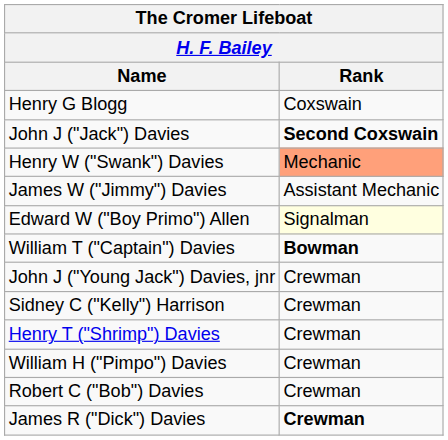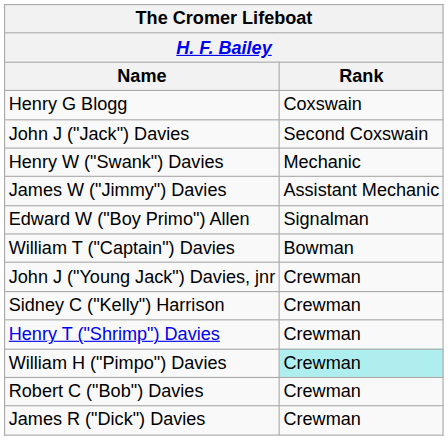 <table class="wikitable">
 <tr>
 <th colspan="3">The Cromer Lifeboat</th>
 </tr>
 <tr>
 <th colspan="3"><a href='#'><em>H. F. Bailey</em></a></th>
 </tr>
 <tr>
 <th>Name</th>
 <th>Rank</th>
 </tr>
 <tr>
 <td>Henry G Blogg</td>
 <td>Coxswain</td>
 </tr>
 <tr>
 <td>John J ("Jack") Davies</td>
-<td><strong>Second Coxswain</strong></td>
+<td>Second Coxswain</td>
 </tr>
 <tr>
 <td>Henry W ("Swank") Davies</td>
-<td style="background: lightsalmon;">Mechanic</td>
+<td>Mechanic</td>
 </tr>
 <tr>
 <td>James W ("Jimmy") Davies</td>
 <td>Assistant Mechanic</td>
 </tr>
 <tr>
 <td>Edward W ("Boy Primo") Allen</td>
-<td style="background: lightyellow;">Signalman</td>
+<td>Signalman</td>
 </tr>
 <tr>
 <td>William T ("Captain") Davies</td>
-<td><strong>Bowman</strong></td>
+<td>Bowman</td>
 </tr>
 <tr>
 <td>John J ("Young Jack") Davies, jnr</td>
 <td>Crewman</td>
 </tr>
 <tr>
 <td>Sidney C ("Kelly") Harrison</td>
 <td>Crewman</td>
 </tr>
 <tr>
 <td><a href='#'>Henry T ("Shrimp") Davies</a></td>
 <td>Crewman</td>
 </tr>
 <tr>
 <td>William H ("Pimpo") Davies</td>
-<td>Crewman</td>
+<td style="background: paleturquoise;">Crewman</td>
 </tr>
 <tr>
 <td>Robert C ("Bob") Davies</td>
 <td>Crewman</td>
 </tr>
 <tr>
 <td>James R ("Dick") Davies</td>
-<td><strong>Crewman</strong></td>
+<td>Crewman</td>
 </tr>
 </table>
